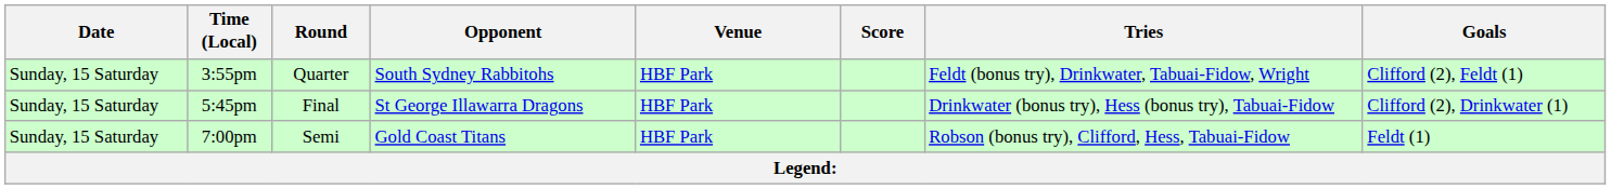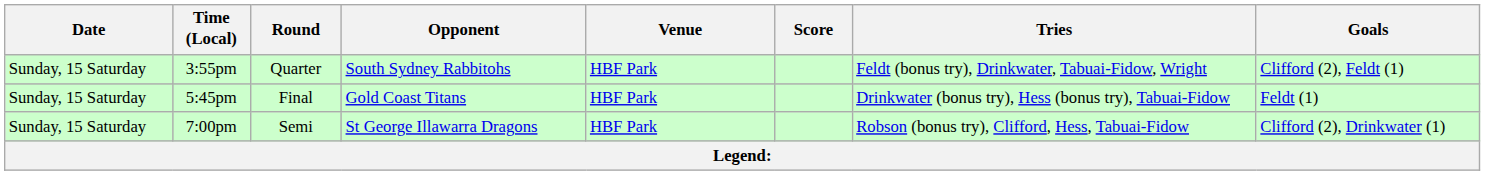 <table class="wikitable" style="font-size:75%;">
 <tr>
 <th style="width:115px;">Date</th>
 <th style="width:50px;">Time (Local)</th>
 <th style="width:60px;">Round</th>
 <th style="width:170px;">Opponent</th>
 <th style="width:130px;">Venue</th>
 <th style="width:50px;">Score</th>
 <th style="width:285px;">Tries</th>
 <th style="width:155px;">Goals</th>
 </tr>
 <tr style="background:#CCFFCC">
 <td>Sunday, 15 Saturday</td>
 <td style="text-align:center;">3:55pm</td>
 <td style="text-align:center;">Quarter</td>
 <td> <a href='#'>South Sydney Rabbitohs</a></td>
 <td><a href='#'>HBF Park</a></td>
 <td style="text-align:center;"></td>
 <td><a href='#'>Feldt</a> (bonus try), <a href='#'>Drinkwater</a>, <a href='#'>Tabuai-Fidow</a>, <a href='#'>Wright</a></td>
 <td><a href='#'>Clifford</a> (2), <a href='#'>Feldt</a> (1)</td>
 </tr>
 <tr style="background:#CCFFCC">
 <td>Sunday, 15 Saturday</td>
 <td style="text-align:center;">5:45pm</td>
 <td style="text-align:center;">Final</td>
-<td> <a href='#'>St George Illawarra Dragons</a></td>
+<td> <a href='#'>Gold Coast Titans</a></td>
 <td><a href='#'>HBF Park</a></td>
 <td style="text-align:center;"></td>
 <td><a href='#'>Drinkwater</a> (bonus try), <a href='#'>Hess</a> (bonus try), <a href='#'>Tabuai-Fidow</a></td>
-<td><a href='#'>Clifford</a> (2), <a href='#'>Drinkwater</a> (1)</td>
+<td><a href='#'>Feldt</a> (1)</td>
 </tr>
 <tr style="background:#CCFFCC">
 <td>Sunday, 15 Saturday</td>
 <td style="text-align:center;">7:00pm</td>
 <td style="text-align:center;">Semi</td>
-<td> <a href='#'>Gold Coast Titans</a></td>
+<td> <a href='#'>St George Illawarra Dragons</a></td>
 <td><a href='#'>HBF Park</a></td>
 <td style="text-align:center;"></td>
 <td><a href='#'>Robson</a> (bonus try), <a href='#'>Clifford</a>, <a href='#'>Hess</a>, <a href='#'>Tabuai-Fidow</a></td>
-<td><a href='#'>Feldt</a> (1)</td>
+<td><a href='#'>Clifford</a> (2), <a href='#'>Drinkwater</a> (1)</td>
 </tr>
 <tr>
 <th colspan="12">Legend:  </th>
 </tr>
 </table>
